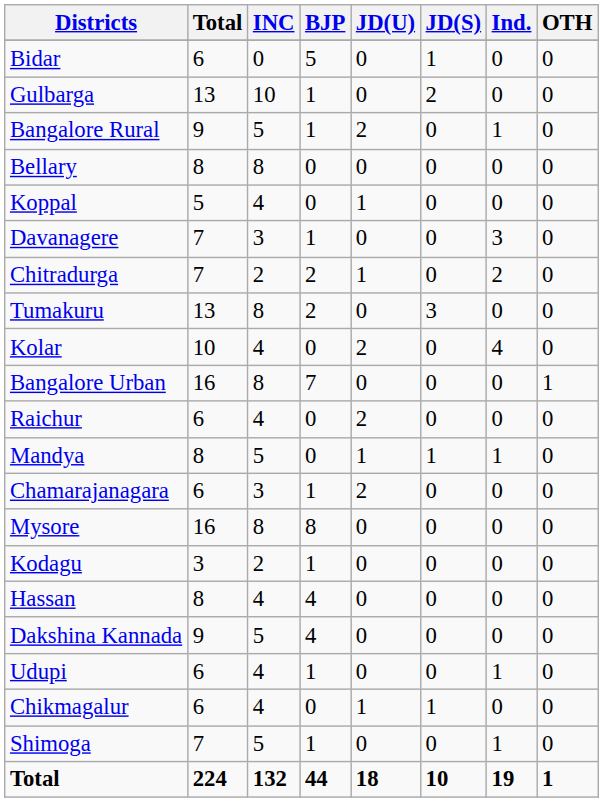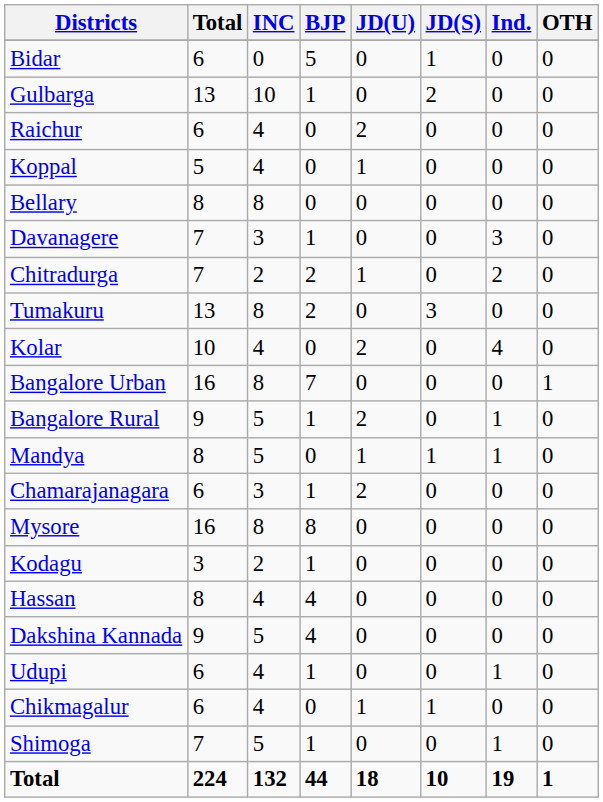 <table class="wikitable">
 <tr>
 <th><a href='#'>Districts</a></th>
 <th>Total</th>
 <th><a href='#'>INC</a></th>
 <th><a href='#'>BJP</a></th>
 <th><a href='#'>JD(U)</a></th>
 <th><a href='#'>JD(S)</a></th>
 <th><a href='#'>Ind.</a></th>
 <th>OTH</th>
 </tr>
 <tr>
 </tr>
 <tr>
 <td><a href='#'>Bidar</a></td>
 <td>6</td>
 <td>0</td>
 <td style="background:">5</td>
 <td>0</td>
 <td>1</td>
 <td>0</td>
 <td>0</td>
 </tr>
 <tr>
 <td><a href='#'>Gulbarga</a></td>
 <td>13</td>
 <td style="background:">10</td>
 <td>1</td>
 <td>0</td>
 <td>2</td>
 <td>0</td>
 <td>0</td>
 </tr>
 <tr>
-<td><a href='#'>Bangalore Rural</a></td>
-<td>9</td>
-<td style="background:">5</td>
-<td>1</td>
+<td><a href='#'>Raichur</a></td>
+<td>6</td>
+<td style="background:">4</td>
+<td>0</td>
 <td>2</td>
-<td>0</td>
-<td>1</td>
-<td>0</td>
-</tr>
-<tr>
-<td><a href='#'>Bellary</a></td>
-<td>8</td>
-<td style="background:">8</td>
-<td>0</td>
-<td>0</td>
 <td>0</td>
 <td>0</td>
 <td>0</td>
 </tr>
 <tr>
 <td><a href='#'>Koppal</a></td>
 <td>5</td>
 <td style="background:">4</td>
 <td>0</td>
 <td>1</td>
+<td>0</td>
+<td>0</td>
+<td>0</td>
+</tr>
+<tr>
+<td><a href='#'>Bellary</a></td>
+<td>8</td>
+<td style="background:">8</td>
+<td>0</td>
+<td>0</td>
 <td>0</td>
 <td>0</td>
 <td>0</td>
 </tr>
 <tr>
 <td><a href='#'>Davanagere</a></td>
 <td>7</td>
 <td>3</td>
 <td>1</td>
 <td>0</td>
 <td>0</td>
 <td>3</td>
 <td>0</td>
 </tr>
 <tr>
 <td><a href='#'>Chitradurga</a></td>
 <td>7</td>
 <td>2</td>
 <td>2</td>
 <td>1</td>
 <td>0</td>
 <td>2</td>
 <td>0</td>
 </tr>
 <tr>
 <td><a href='#'>Tumakuru</a></td>
 <td>13</td>
 <td style="background:">8</td>
 <td>2</td>
 <td>0</td>
 <td>3</td>
 <td>0</td>
 <td>0</td>
 </tr>
 <tr>
 <td><a href='#'>Kolar</a></td>
 <td>10</td>
 <td>4</td>
 <td>0</td>
 <td>2</td>
 <td>0</td>
 <td>4</td>
 <td>0</td>
 </tr>
 <tr>
 <td><a href='#'>Bangalore Urban</a></td>
 <td>16</td>
 <td style="background:">8</td>
 <td>7</td>
 <td>0</td>
 <td>0</td>
 <td>0</td>
 <td>1</td>
 </tr>
 <tr>
-<td><a href='#'>Raichur</a></td>
-<td>6</td>
-<td style="background:">4</td>
-<td>0</td>
+<td><a href='#'>Bangalore Rural</a></td>
+<td>9</td>
+<td style="background:">5</td>
+<td>1</td>
 <td>2</td>
 <td>0</td>
-<td>0</td>
+<td>1</td>
 <td>0</td>
 </tr>
 <tr>
 <td><a href='#'>Mandya</a></td>
 <td>8</td>
 <td style="background:">5</td>
 <td>0</td>
 <td>1</td>
 <td>1</td>
 <td>1</td>
 <td>0</td>
 </tr>
 <tr>
 <td><a href='#'>Chamarajanagara</a></td>
 <td>6</td>
 <td style="background:">3</td>
 <td>1</td>
 <td>2</td>
 <td>0</td>
 <td>0</td>
 <td>0</td>
 </tr>
 <tr>
 <td><a href='#'>Mysore</a></td>
 <td>16</td>
 <td>8</td>
 <td>8</td>
 <td>0</td>
 <td>0</td>
 <td>0</td>
 <td>0</td>
 </tr>
 <tr>
 <td><a href='#'>Kodagu</a></td>
 <td>3</td>
 <td style="background:">2</td>
 <td>1</td>
 <td>0</td>
 <td>0</td>
 <td>0</td>
 <td>0</td>
 </tr>
 <tr>
 <td><a href='#'>Hassan</a></td>
 <td>8</td>
 <td>4</td>
 <td>4</td>
 <td>0</td>
 <td>0</td>
 <td>0</td>
 <td>0</td>
 </tr>
 <tr>
 <td><a href='#'>Dakshina Kannada</a></td>
 <td>9</td>
 <td style="background:">5</td>
 <td>4</td>
 <td>0</td>
 <td>0</td>
 <td>0</td>
 <td>0</td>
 </tr>
 <tr>
 <td><a href='#'>Udupi</a></td>
 <td>6</td>
 <td style="background:">4</td>
 <td>1</td>
 <td>0</td>
 <td>0</td>
 <td>1</td>
 <td>0</td>
 </tr>
 <tr>
 <td><a href='#'>Chikmagalur</a></td>
 <td>6</td>
 <td style="background:">4</td>
 <td>0</td>
 <td>1</td>
 <td>1</td>
 <td>0</td>
 <td>0</td>
 </tr>
 <tr>
 <td><a href='#'>Shimoga</a></td>
 <td>7</td>
 <td style="background:">5</td>
 <td>1</td>
 <td>0</td>
 <td>0</td>
 <td>1</td>
 <td>0</td>
 </tr>
 <tr>
 <td><strong>Total</strong></td>
 <td><strong>224</strong></td>
 <td style="background:"><strong>132</strong></td>
 <td style="background:"><strong>44</strong></td>
 <td style="background:"><strong>18</strong></td>
 <td style="background:"><strong>10</strong></td>
 <td style="background:"><strong>19</strong></td>
 <td style="background:"><strong>1</strong></td>
 </tr>
 </table>
